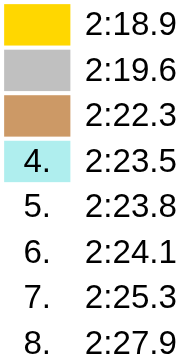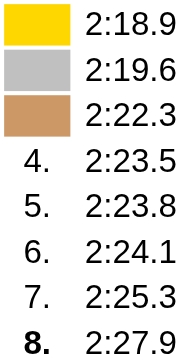 <table style="text-align:center">
 <tr>
 <td width=30 bgcolor=gold></td>
 <td align=left></td>
 <td>2:18.9</td>
 </tr>
 <tr>
 <td bgcolor=silver></td>
 <td align=left></td>
 <td>2:19.6</td>
 </tr>
 <tr>
 <td bgcolor=cc9966></td>
 <td align=left></td>
 <td>2:22.3</td>
 </tr>
 <tr>
-<td style="background: paleturquoise;">4.</td>
+<td>4.</td>
 <td align=left></td>
 <td>2:23.5</td>
 </tr>
 <tr>
 <td>5.</td>
 <td align=left></td>
 <td>2:23.8</td>
 </tr>
 <tr>
 <td>6.</td>
 <td align=left></td>
 <td>2:24.1</td>
 </tr>
 <tr>
 <td>7.</td>
 <td align=left></td>
 <td>2:25.3</td>
 </tr>
 <tr>
-<td>8.</td>
+<td><strong>8.</strong></td>
 <td align=left></td>
 <td>2:27.9</td>
 </tr>
 </table>
